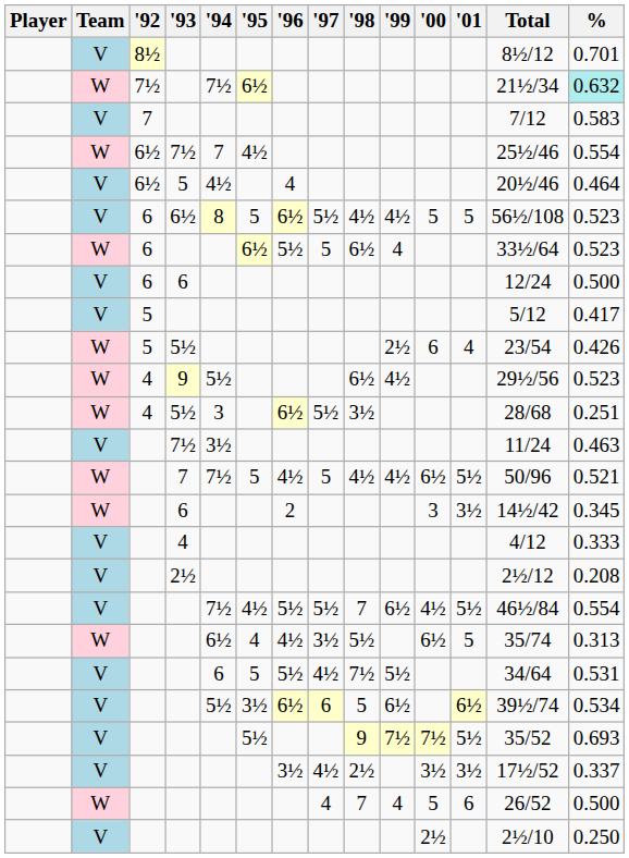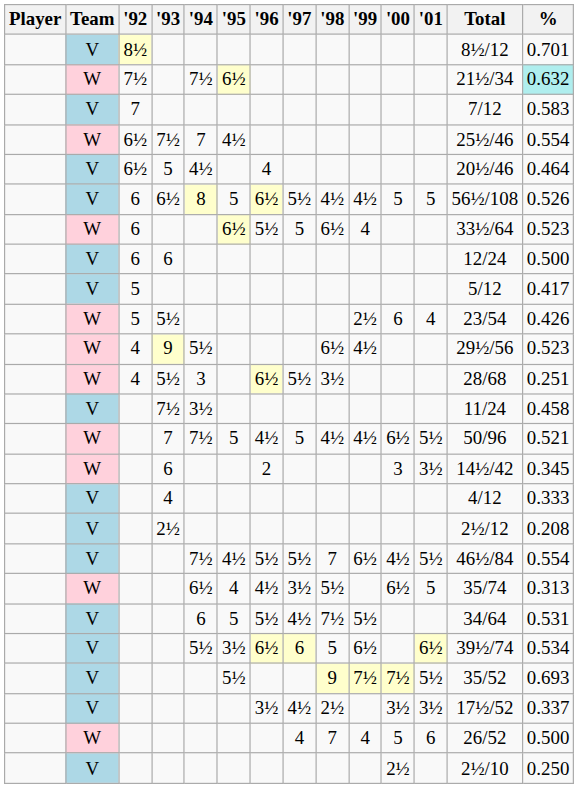 <table class="wikitable sortable static-row-numbers" style="text-align:center;">
 <tr>
 <th>Player</th>
 <th>Team</th>
 <th>'92</th>
 <th>'93</th>
 <th>'94</th>
 <th>'95</th>
 <th>'96</th>
 <th>'97</th>
 <th>'98</th>
 <th>'99</th>
 <th>'00</th>
 <th>'01</th>
 <th>Total</th>
 <th>%</th>
 </tr>
 <tr>
 <td style="text-align:left;"></td>
 <td style="background:lightblue;">V</td>
 <td style="background:#ffffcc;">8½</td>
 <td></td>
 <td></td>
 <td></td>
 <td></td>
 <td></td>
 <td></td>
 <td></td>
 <td></td>
 <td></td>
 <td>8½/12</td>
 <td>0.701</td>
 </tr>
 <tr>
 <td style="text-align:left;"></td>
 <td style="background:#FFD1DC;">W</td>
 <td>7½</td>
 <td></td>
 <td>7½</td>
 <td style="background:#ffffcc;">6½</td>
 <td></td>
 <td></td>
 <td></td>
 <td></td>
 <td></td>
 <td></td>
 <td>21½/34</td>
 <td style="background: paleturquoise;">0.632</td>
 </tr>
 <tr>
 <td style="text-align:left;"></td>
 <td style="background:lightblue;">V</td>
 <td>7</td>
 <td></td>
 <td></td>
 <td></td>
 <td></td>
 <td></td>
 <td></td>
 <td></td>
 <td></td>
 <td></td>
 <td>7/12</td>
 <td>0.583</td>
 </tr>
 <tr>
 <td style="text-align:left;"></td>
 <td style="background:#FFD1DC;">W</td>
 <td>6½</td>
 <td>7½</td>
 <td>7</td>
 <td>4½</td>
 <td></td>
 <td></td>
 <td></td>
 <td></td>
 <td></td>
 <td></td>
 <td>25½/46</td>
 <td>0.554</td>
 </tr>
 <tr>
 <td style="text-align:left;"></td>
 <td style="background:lightblue;">V</td>
 <td>6½</td>
 <td>5</td>
 <td>4½</td>
 <td></td>
 <td>4</td>
 <td></td>
 <td></td>
 <td></td>
 <td></td>
 <td></td>
 <td>20½/46</td>
 <td>0.464</td>
 </tr>
 <tr>
 <td style="text-align:left;"></td>
 <td style="background:lightblue;">V</td>
 <td>6</td>
 <td>6½</td>
 <td style="background:#ffffcc;">8</td>
 <td>5</td>
 <td style="background:#ffffcc;">6½</td>
 <td>5½</td>
 <td>4½</td>
 <td>4½</td>
 <td>5</td>
 <td>5</td>
 <td>56½/108</td>
-<td>0.523</td>
+<td>0.526</td>
 </tr>
 <tr>
 <td style="text-align:left;"></td>
 <td style="background:#FFD1DC;">W</td>
 <td>6</td>
 <td></td>
 <td></td>
 <td style="background:#ffffcc;">6½</td>
 <td>5½</td>
 <td>5</td>
 <td>6½</td>
 <td>4</td>
 <td></td>
 <td></td>
 <td>33½/64</td>
 <td>0.523</td>
 </tr>
 <tr>
 <td style="text-align:left;"></td>
 <td style="background:lightblue;">V</td>
 <td>6</td>
 <td>6</td>
 <td></td>
 <td></td>
 <td></td>
 <td></td>
 <td></td>
 <td></td>
 <td></td>
 <td></td>
 <td>12/24</td>
 <td>0.500</td>
 </tr>
 <tr>
 <td style="text-align:left;"></td>
 <td style="background:lightblue;">V</td>
 <td>5</td>
 <td></td>
 <td></td>
 <td></td>
 <td></td>
 <td></td>
 <td></td>
 <td></td>
 <td></td>
 <td></td>
 <td>5/12</td>
 <td>0.417</td>
 </tr>
 <tr>
 <td style="text-align:left;"></td>
 <td style="background:#FFD1DC;">W</td>
 <td>5</td>
 <td>5½</td>
 <td></td>
 <td></td>
 <td></td>
 <td></td>
 <td></td>
 <td>2½</td>
 <td>6</td>
 <td>4</td>
 <td>23/54</td>
 <td>0.426</td>
 </tr>
 <tr>
 <td style="text-align:left;"></td>
 <td style="background:#FFD1DC;">W</td>
 <td>4</td>
 <td style="background:#ffffcc;">9</td>
 <td>5½</td>
 <td></td>
 <td></td>
 <td></td>
 <td>6½</td>
 <td>4½</td>
 <td></td>
 <td></td>
 <td>29½/56</td>
 <td>0.523</td>
 </tr>
 <tr>
 <td style="text-align:left;"></td>
 <td style="background:#FFD1DC;">W</td>
 <td>4</td>
 <td>5½</td>
 <td>3</td>
 <td></td>
 <td style="background:#ffffcc;">6½</td>
 <td>5½</td>
 <td>3½</td>
 <td></td>
 <td></td>
 <td></td>
 <td>28/68</td>
 <td>0.251</td>
 </tr>
 <tr>
 <td style="text-align:left;"></td>
 <td style="background:lightblue;">V</td>
 <td></td>
 <td>7½</td>
 <td>3½</td>
 <td></td>
 <td></td>
 <td></td>
 <td></td>
 <td></td>
 <td></td>
 <td></td>
 <td>11/24</td>
-<td>0.463</td>
+<td>0.458</td>
 </tr>
 <tr>
 <td style="text-align:left;"></td>
 <td style="background:#FFD1DC;">W</td>
 <td></td>
 <td>7</td>
 <td>7½</td>
 <td>5</td>
 <td>4½</td>
 <td>5</td>
 <td>4½</td>
 <td>4½</td>
 <td>6½</td>
 <td>5½</td>
 <td>50/96</td>
 <td>0.521</td>
 </tr>
 <tr>
 <td style="text-align:left;"></td>
 <td style="background:#FFD1DC;">W</td>
 <td></td>
 <td>6</td>
 <td></td>
 <td></td>
 <td>2</td>
 <td></td>
 <td></td>
 <td></td>
 <td>3</td>
 <td>3½</td>
 <td>14½/42</td>
 <td>0.345</td>
 </tr>
 <tr>
 <td style="text-align:left;"></td>
 <td style="background:lightblue;">V</td>
 <td></td>
 <td>4</td>
 <td></td>
 <td></td>
 <td></td>
 <td></td>
 <td></td>
 <td></td>
 <td></td>
 <td></td>
 <td>4/12</td>
 <td>0.333</td>
 </tr>
 <tr>
 <td style="text-align:left;"></td>
 <td style="background:lightblue;">V</td>
 <td></td>
 <td>2½</td>
 <td></td>
 <td></td>
 <td></td>
 <td></td>
 <td></td>
 <td></td>
 <td></td>
 <td></td>
 <td>2½/12</td>
 <td>0.208</td>
 </tr>
 <tr>
 <td style="text-align:left;"></td>
 <td style="background:lightblue;">V</td>
 <td></td>
 <td></td>
 <td>7½</td>
 <td>4½</td>
 <td>5½</td>
 <td>5½</td>
 <td>7</td>
 <td>6½</td>
 <td>4½</td>
 <td>5½</td>
 <td>46½/84</td>
 <td>0.554</td>
 </tr>
 <tr>
 <td style="text-align:left;"></td>
 <td style="background:#FFD1DC;">W</td>
 <td></td>
 <td></td>
 <td>6½</td>
 <td>4</td>
 <td>4½</td>
 <td>3½</td>
 <td>5½</td>
 <td></td>
 <td>6½</td>
 <td>5</td>
 <td>35/74</td>
 <td>0.313</td>
 </tr>
 <tr>
 <td style="text-align:left;"></td>
 <td style="background:lightblue;">V</td>
 <td></td>
 <td></td>
 <td>6</td>
 <td>5</td>
 <td>5½</td>
 <td>4½</td>
 <td>7½</td>
 <td>5½</td>
 <td></td>
 <td></td>
 <td>34/64</td>
 <td>0.531</td>
 </tr>
 <tr>
 <td style="text-align:left;"></td>
 <td style="background:lightblue;">V</td>
 <td></td>
 <td></td>
 <td>5½</td>
 <td>3½</td>
 <td style="background:#ffffcc;">6½</td>
 <td style="background:#ffffcc;">6</td>
 <td>5</td>
 <td>6½</td>
 <td></td>
 <td style="background:#ffffcc;">6½</td>
 <td>39½/74</td>
 <td>0.534</td>
 </tr>
 <tr>
 <td style="text-align:left;"></td>
 <td style="background:lightblue;">V</td>
 <td></td>
 <td></td>
 <td></td>
 <td>5½</td>
 <td></td>
 <td></td>
 <td style="background:#ffffcc;">9</td>
 <td style="background:#ffffcc;">7½</td>
 <td style="background:#ffffcc;">7½</td>
 <td>5½</td>
 <td>35/52</td>
 <td>0.693</td>
 </tr>
 <tr>
 <td style="text-align:left;"></td>
 <td style="background:lightblue;">V</td>
 <td></td>
 <td></td>
 <td></td>
 <td></td>
 <td>3½</td>
 <td>4½</td>
 <td>2½</td>
 <td></td>
 <td>3½</td>
 <td>3½</td>
 <td>17½/52</td>
 <td>0.337</td>
 </tr>
 <tr>
 <td style="text-align:left;"></td>
 <td style="background:#FFD1DC;">W</td>
 <td></td>
 <td></td>
 <td></td>
 <td></td>
 <td></td>
 <td>4</td>
 <td>7</td>
 <td>4</td>
 <td>5</td>
 <td>6</td>
 <td>26/52</td>
 <td>0.500</td>
 </tr>
 <tr>
 <td style="text-align:left;"></td>
 <td style="background:lightblue;">V</td>
 <td></td>
 <td></td>
 <td></td>
 <td></td>
 <td></td>
 <td></td>
 <td></td>
 <td></td>
 <td>2½</td>
 <td></td>
 <td>2½/10</td>
 <td>0.250</td>
 </tr>
 </table>
